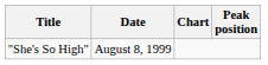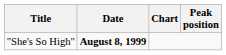 <table class="wikitable">
 <tr>
 <th>Title</th>
 <th>Date</th>
 <th>Chart</th>
 <th>Peak<br>position</th>
 </tr>
 <tr>
 <td>"She's So High"</td>
-<td>August 8, 1999<br></td>
+<td><strong>August 8, 1999<br></strong></td>
 </tr>
 </table>
